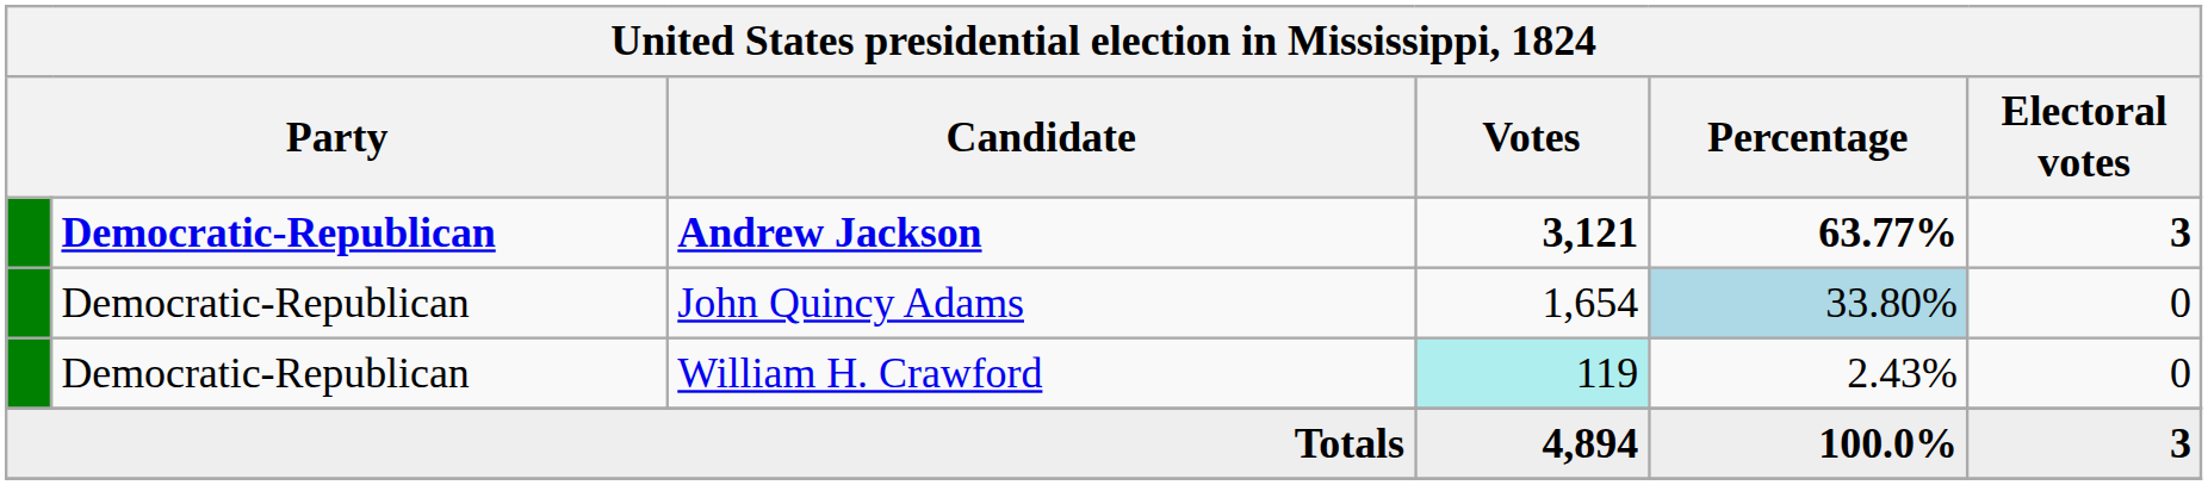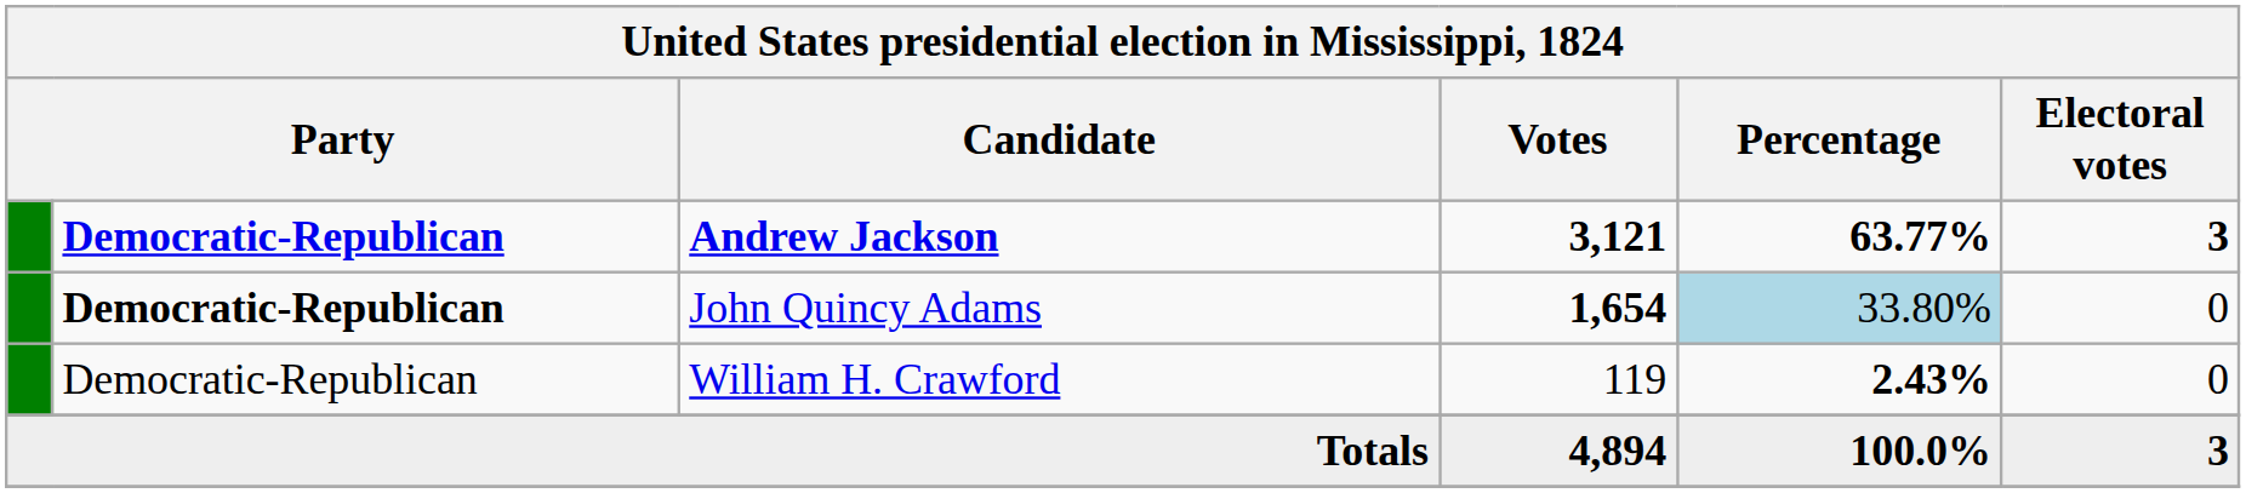 <table class="wikitable" style="font-size: 95%;">
 <tr>
 <th colspan="6">United States presidential election in Mississippi, 1824</th>
 </tr>
 <tr>
 <th colspan="2" style="width: 15em">Party</th>
 <th style="width: 17em">Candidate</th>
 <th style="width: 5em">Votes</th>
 <th style="width: 7em">Percentage</th>
 <th style="width: 5em">Electoral votes</th>
 </tr>
 <tr>
 <th style="background-color:#008000; width: 3px"></th>
 <td style="width: 130px"><strong><a href='#'>Democratic-Republican</a></strong></td>
 <td><strong><a href='#'>Andrew Jackson</a></strong></td>
 <td align="right"><strong>3,121</strong></td>
 <td align="right"><strong>63.77%</strong></td>
 <td align="right"><strong>3</strong></td>
 </tr>
 <tr>
 <th style="background-color:#008000; width: 3px"></th>
-<td style="width: 130px">Democratic-Republican</td>
+<td style="width: 130px"><strong>Democratic-Republican</strong></td>
 <td><a href='#'>John Quincy Adams</a></td>
-<td align="right">1,654</td>
+<td align="right"><strong>1,654</strong></td>
 <td align="right" style="background: lightblue;">33.80%</td>
 <td align="right">0</td>
 </tr>
 <tr>
 <th style="background-color:#008000; width: 3px"></th>
 <td style="width: 130px">Democratic-Republican</td>
 <td><a href='#'>William H. Crawford</a></td>
-<td align="right" style="background: paleturquoise;">119</td>
-<td align="right">2.43%</td>
+<td align="right">119</td>
+<td align="right"><strong>2.43%</strong></td>
 <td align="right">0</td>
 </tr>
 <tr>
 </tr>
 <tr bgcolor="#EEEEEE">
 <td colspan="3" align="right"><strong>Totals</strong></td>
 <td align="right"><strong>4,894</strong></td>
 <td align="right"><strong>100.0%</strong></td>
 <td align="right"><strong>3</strong></td>
 </tr>
 <tr>
 </tr>
 </table>
